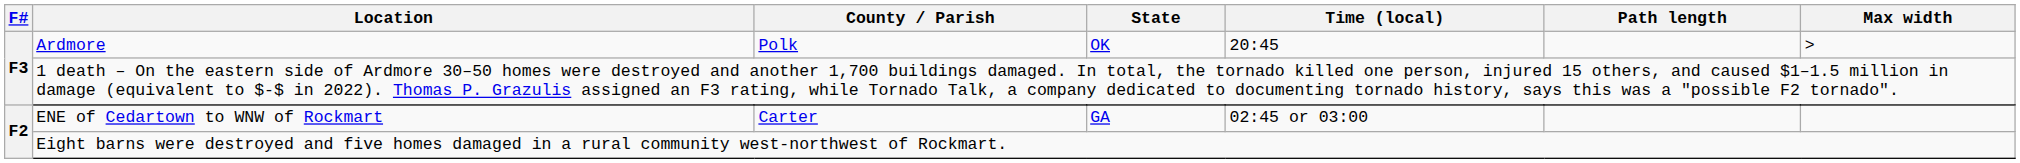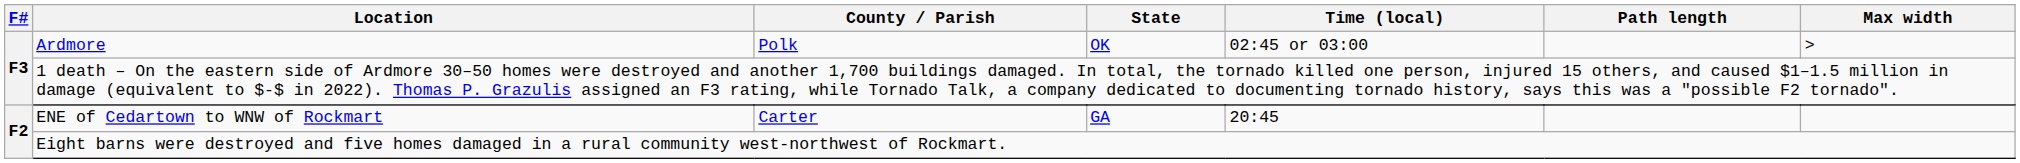 <table class="wikitable sortable" style="width:100%;">
 <tr>
 <th scope="col" align="center"><a href='#'>F#</a></th>
 <th scope="col" align="center" class="unsortable">Location</th>
 <th scope="col" align="center" class="unsortable">County / Parish</th>
 <th scope="col" align="center">State</th>
 <th scope="col" align="center">Time (local)</th>
 <th scope="col" align="center">Path length</th>
 <th scope="col" align="center">Max width</th>
 </tr>
 <tr>
 <th scope="row" rowspan="2" style="background-color:#">F3</th>
 <td><a href='#'>Ardmore</a></td>
 <td><a href='#'>Polk</a></td>
 <td><a href='#'>OK</a></td>
-<td>20:45</td>
+<td>02:45 or 03:00</td>
 <td></td>
 <td>></td>
 </tr>
 <tr class="expand-child">
 <td colspan="8" style=" border-bottom: 1px solid black;">1 death – On the eastern side of Ardmore 30–50 homes  were destroyed and another 1,700 buildings damaged. In total, the tornado killed one person, injured 15 others, and caused $1–1.5 million in damage (equivalent to $-$ in 2022). <a href='#'>Thomas P. Grazulis</a> assigned an F3 rating, while Tornado Talk, a company dedicated to documenting tornado history, says this was a "possible F2 tornado".</td>
 </tr>
 <tr>
 <th scope="row" rowspan="2" style="background-color:#">F2</th>
 <td>ENE of <a href='#'>Cedartown</a> to WNW of <a href='#'>Rockmart</a></td>
 <td><a href='#'>Carter</a></td>
 <td><a href='#'>GA</a></td>
-<td>02:45 or 03:00</td>
+<td>20:45</td>
 <td></td>
 <td></td>
 </tr>
 <tr class="expand-child">
 <td colspan="8" style=" border-bottom: 1px solid black;">Eight barns were destroyed and five homes damaged in a rural community  west-northwest of Rockmart.</td>
 </tr>
 </table>
